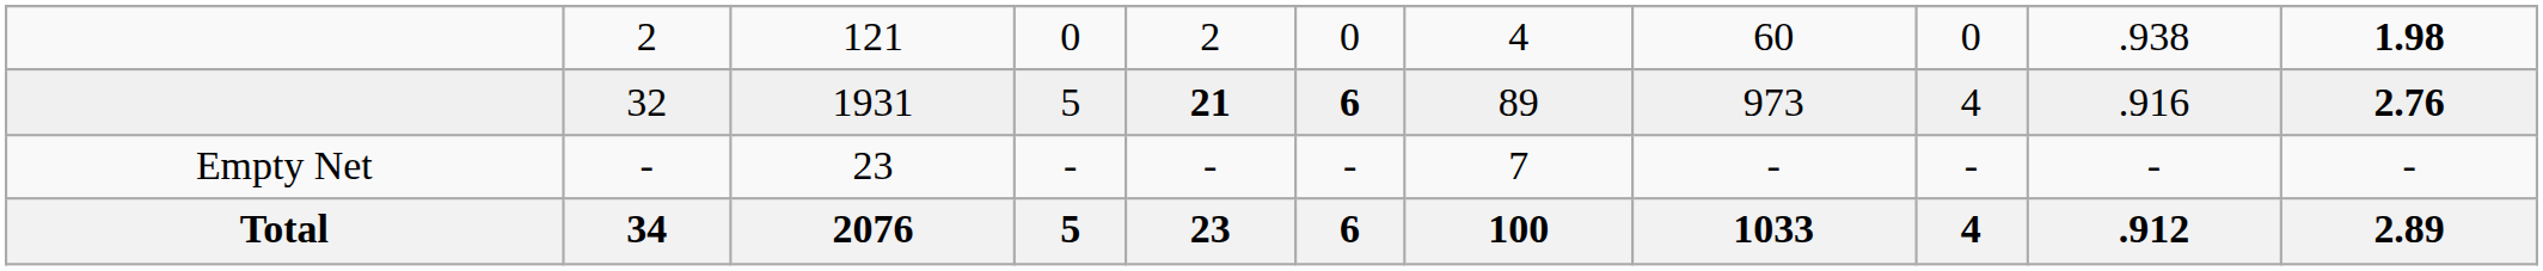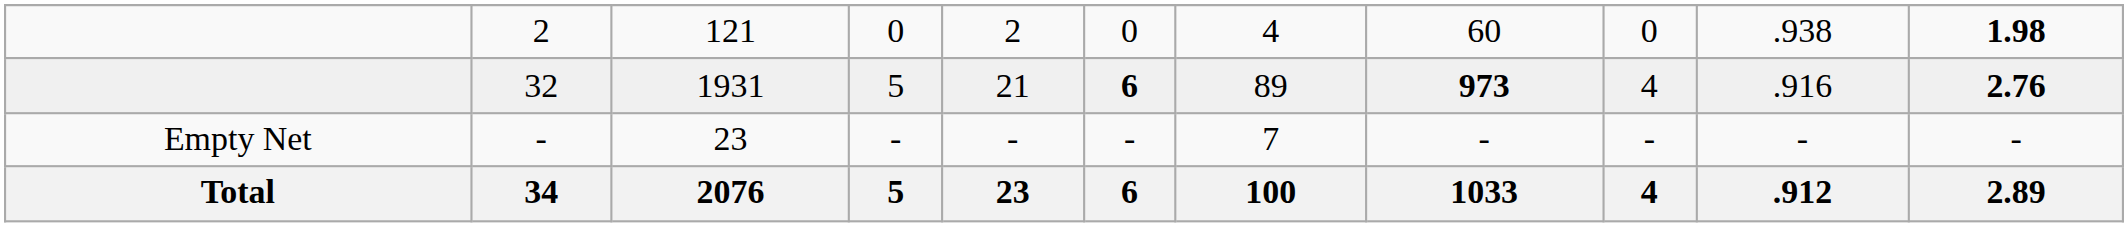 <table class="wikitable sortable" width ="1000">
 <tr align="center">
 </tr>
 <tr align="center" bgcolor="">
 <td></td>
 <td>2</td>
 <td>121</td>
 <td>0</td>
 <td>2</td>
 <td>0</td>
 <td>4</td>
 <td>60</td>
 <td>0</td>
 <td>.938</td>
 <td><strong>1.98</strong></td>
 </tr>
 <tr align="center" bgcolor="f0f0f0">
 <td></td>
 <td>32</td>
 <td>1931</td>
 <td>5</td>
-<td><strong>21</strong></td>
+<td>21</td>
 <td><strong>6</strong></td>
 <td>89</td>
-<td>973</td>
+<td><strong>973</strong></td>
 <td>4</td>
 <td>.916</td>
 <td><strong>2.76</strong></td>
 </tr>
 <tr align="center" bgcolor="">
 <td>Empty Net</td>
 <td>-</td>
 <td>23</td>
 <td>-</td>
 <td>-</td>
 <td>-</td>
 <td>7</td>
 <td>-</td>
 <td>-</td>
 <td>-</td>
 <td>-</td>
 </tr>
 <tr>
 <th>Total</th>
 <th>34</th>
 <th>2076</th>
 <th>5</th>
 <th>23</th>
 <th>6</th>
 <th>100</th>
 <th>1033</th>
 <th>4</th>
 <th>.912</th>
 <th>2.89</th>
 </tr>
 </table>
